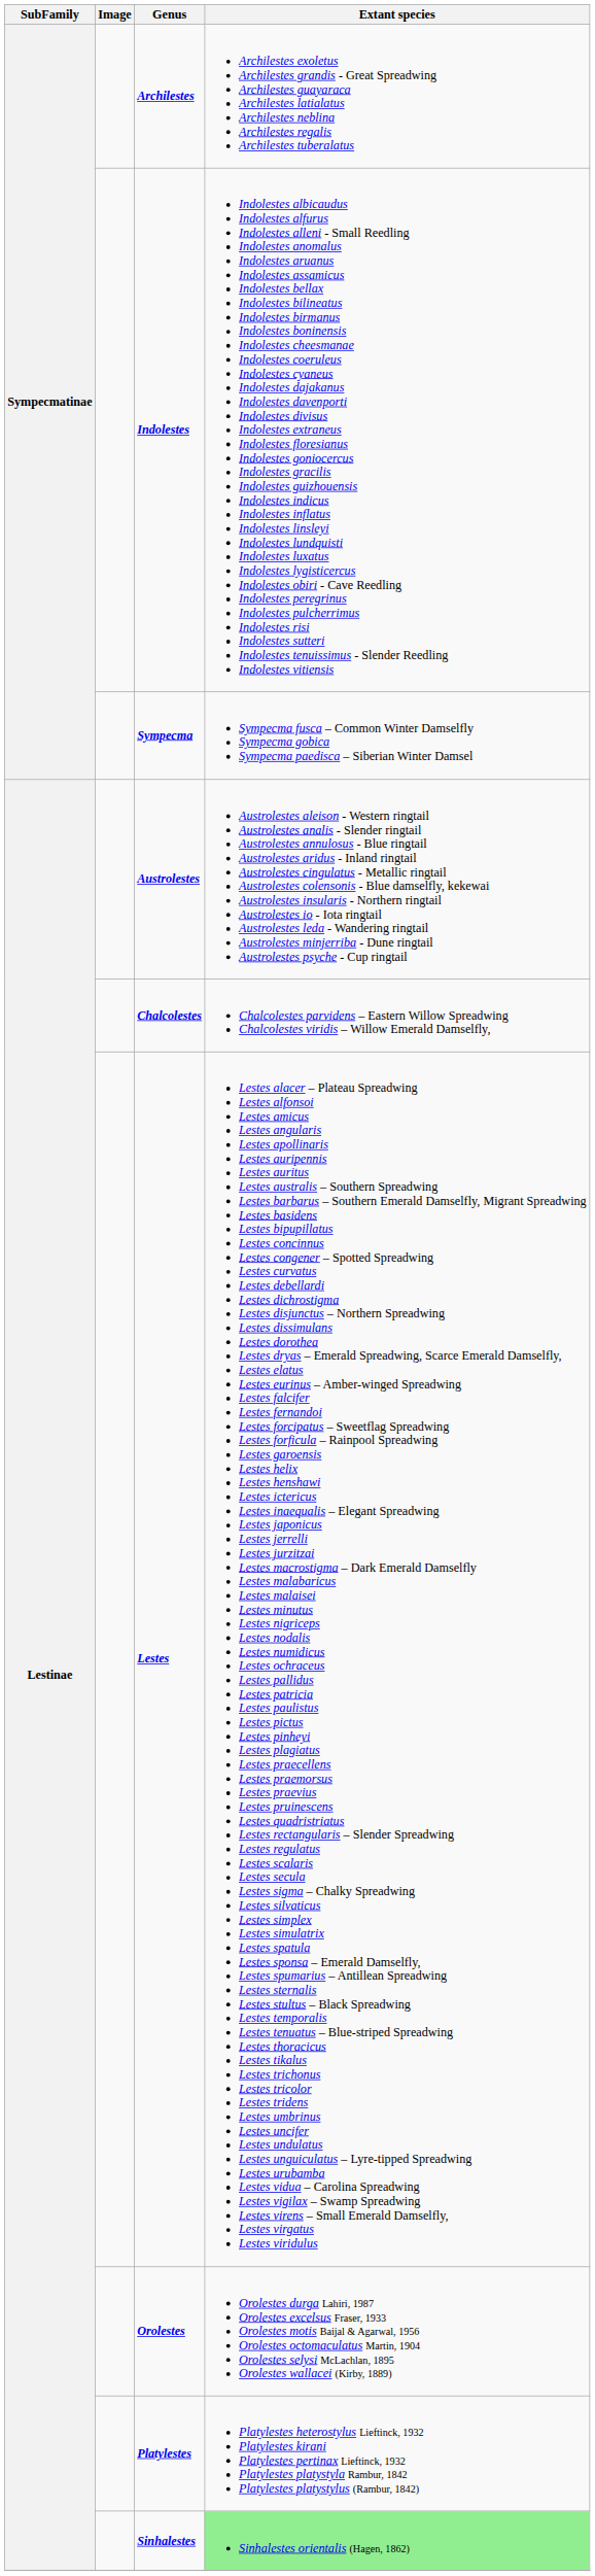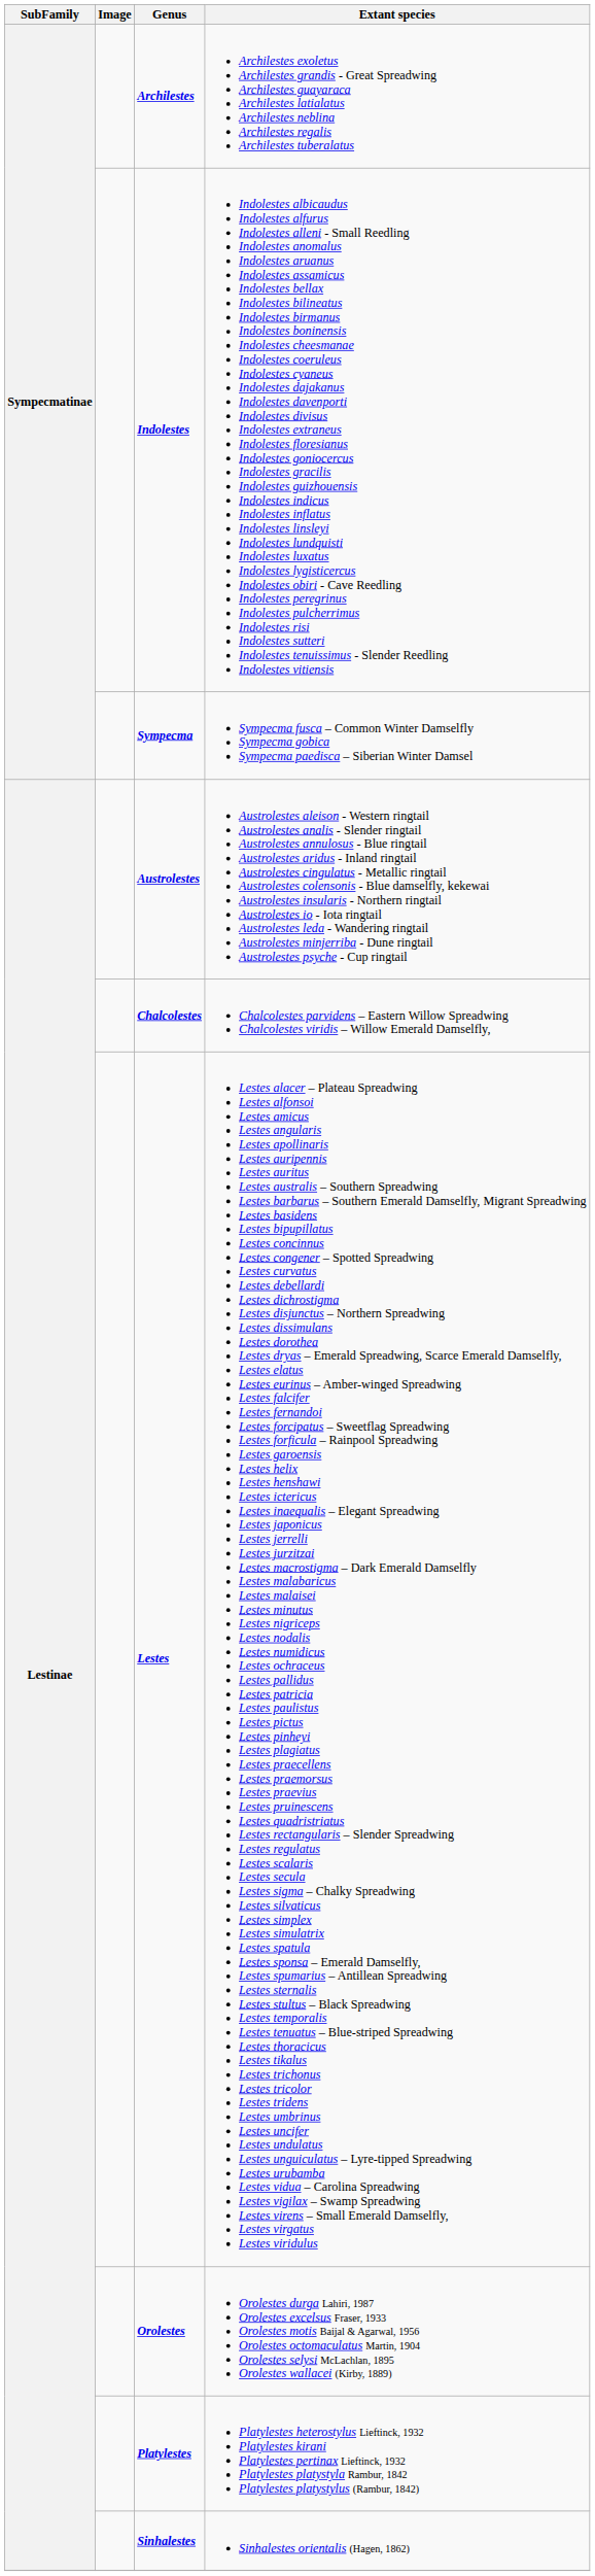 <table class="wikitable">
 <tr>
 <th>SubFamily</th>
 <th>Image</th>
 <th>Genus</th>
 <th>Extant species</th>
 </tr>
 <tr>
 <th rowspan="3">Sympecmatinae </th>
 <td></td>
 <td><strong><em><a href='#'>Archilestes</a></em></strong> </td>
 <td><br><ul><li><em><a href='#'>Archilestes exoletus</a></em> </li><li><em><a href='#'>Archilestes grandis</a></em>  - Great Spreadwing</li><li><em><a href='#'>Archilestes guayaraca</a></em> </li><li><em><a href='#'>Archilestes latialatus</a></em> </li><li><em><a href='#'>Archilestes neblina</a></em> </li><li><em><a href='#'>Archilestes regalis</a></em> </li><li><em><a href='#'>Archilestes tuberalatus</a></em> </li></ul></td>
 </tr>
 <tr>
 <td></td>
 <td><strong><em><a href='#'>Indolestes</a></em></strong> </td>
 <td><br><ul><li><em><a href='#'>Indolestes albicaudus</a></em> </li><li><em><a href='#'>Indolestes alfurus</a></em> </li><li><em><a href='#'>Indolestes alleni</a></em>  - Small Reedling</li><li><em><a href='#'>Indolestes anomalus</a></em> </li><li><em><a href='#'>Indolestes aruanus</a></em> </li><li><em><a href='#'>Indolestes assamicus</a></em> </li><li><em><a href='#'>Indolestes bellax</a></em> </li><li><em><a href='#'>Indolestes bilineatus</a></em> </li><li><em><a href='#'>Indolestes birmanus</a></em> </li><li><em><a href='#'>Indolestes boninensis</a></em> </li><li><em><a href='#'>Indolestes cheesmanae</a></em> </li><li><em><a href='#'>Indolestes coeruleus</a></em> </li><li><em><a href='#'>Indolestes cyaneus</a></em> </li><li><em><a href='#'>Indolestes dajakanus</a></em> </li><li><em><a href='#'>Indolestes davenporti</a></em> </li><li><em><a href='#'>Indolestes divisus</a></em> </li><li><em><a href='#'>Indolestes extraneus</a></em> </li><li><em><a href='#'>Indolestes floresianus</a></em> </li><li><em><a href='#'>Indolestes goniocercus</a></em> </li><li><em><a href='#'>Indolestes gracilis</a></em> </li><li><em><a href='#'>Indolestes guizhouensis</a></em> </li><li><em><a href='#'>Indolestes indicus</a></em> </li><li><em><a href='#'>Indolestes inflatus</a></em> </li><li><em><a href='#'>Indolestes linsleyi</a></em> </li><li><em><a href='#'>Indolestes lundquisti</a></em> </li><li><em><a href='#'>Indolestes luxatus</a></em> </li><li><em><a href='#'>Indolestes lygisticercus</a></em> </li><li><em><a href='#'>Indolestes obiri</a></em>  - Cave Reedling</li><li><em><a href='#'>Indolestes peregrinus</a></em> </li><li><em><a href='#'>Indolestes pulcherrimus</a></em> </li><li><em><a href='#'>Indolestes risi</a></em> </li><li><em><a href='#'>Indolestes sutteri</a></em> </li><li><em><a href='#'>Indolestes tenuissimus</a></em>  - Slender Reedling</li><li><em><a href='#'>Indolestes vitiensis</a></em> </li></ul></td>
 </tr>
 <tr>
 <td></td>
 <td><strong><em><a href='#'>Sympecma</a></em></strong> </td>
 <td><br><ul><li><em><a href='#'>Sympecma fusca</a></em>  – Common Winter Damselfly</li><li><em><a href='#'>Sympecma gobica</a></em> </li><li><em><a href='#'>Sympecma paedisca</a></em>  – Siberian Winter Damsel</li></ul></td>
 </tr>
 <tr>
 <th rowspan="6">Lestinae </th>
 <td></td>
 <td><strong><em><a href='#'>Austrolestes</a></em></strong> </td>
 <td><br><ul><li><em><a href='#'>Austrolestes aleison</a></em>  - Western ringtail</li><li><em><a href='#'>Austrolestes analis</a></em>  - Slender ringtail</li><li><em><a href='#'>Austrolestes annulosus</a></em>  - Blue ringtail</li><li><em><a href='#'>Austrolestes aridus</a></em>  - Inland ringtail</li><li><em><a href='#'>Austrolestes cingulatus</a></em>  - Metallic ringtail</li><li><em><a href='#'>Austrolestes colensonis</a></em>  - Blue damselfly, kekewai</li><li><em><a href='#'>Austrolestes insularis</a></em>  - Northern ringtail</li><li><em><a href='#'>Austrolestes io</a></em>  - Iota ringtail</li><li><em><a href='#'>Austrolestes leda</a></em>  - Wandering ringtail</li><li><em><a href='#'>Austrolestes minjerriba</a></em>  - Dune ringtail</li><li><em><a href='#'>Austrolestes psyche</a></em>  - Cup ringtail</li></ul></td>
 </tr>
 <tr>
 <td></td>
 <td><strong><em><a href='#'>Chalcolestes</a></em></strong> </td>
 <td><br><ul><li><em><a href='#'>Chalcolestes parvidens</a></em>  – Eastern Willow Spreadwing</li><li><em><a href='#'>Chalcolestes viridis</a></em>  – Willow Emerald Damselfly,</li></ul></td>
 </tr>
 <tr>
 <td></td>
 <td><strong><em><a href='#'>Lestes</a></em></strong> </td>
 <td><br><ul><li><em><a href='#'>Lestes alacer</a></em>  – Plateau Spreadwing</li><li><em><a href='#'>Lestes alfonsoi</a></em> </li><li><em><a href='#'>Lestes amicus</a></em> </li><li><em><a href='#'>Lestes angularis</a></em> </li><li><em><a href='#'>Lestes apollinaris</a></em> </li><li><em><a href='#'>Lestes auripennis</a></em> </li><li><em><a href='#'>Lestes auritus</a></em> </li><li><em><a href='#'>Lestes australis</a></em>  – Southern Spreadwing</li><li><em><a href='#'>Lestes barbarus</a></em>  – Southern Emerald Damselfly, Migrant Spreadwing</li><li><em><a href='#'>Lestes basidens</a></em> </li><li><em><a href='#'>Lestes bipupillatus</a></em> </li><li><em><a href='#'>Lestes concinnus</a></em> </li><li><em><a href='#'>Lestes congener</a></em>  – Spotted Spreadwing</li><li><em><a href='#'>Lestes curvatus</a></em> </li><li><em><a href='#'>Lestes debellardi</a></em> </li><li><em><a href='#'>Lestes dichrostigma</a></em> </li><li><em><a href='#'>Lestes disjunctus</a></em>  – Northern Spreadwing</li><li><em><a href='#'>Lestes dissimulans</a></em> </li><li><em><a href='#'>Lestes dorothea</a></em> </li><li><em><a href='#'>Lestes dryas</a></em>  – Emerald Spreadwing, Scarce Emerald Damselfly,</li><li><em><a href='#'>Lestes elatus</a></em> </li><li><em><a href='#'>Lestes eurinus</a></em>  – Amber-winged Spreadwing</li><li><em><a href='#'>Lestes falcifer</a></em> </li><li><em><a href='#'>Lestes fernandoi</a></em> </li><li><em><a href='#'>Lestes forcipatus</a></em>  – Sweetflag Spreadwing</li><li><em><a href='#'>Lestes forficula</a></em>  – Rainpool Spreadwing</li><li><em><a href='#'>Lestes garoensis</a></em> </li><li><em><a href='#'>Lestes helix</a></em> </li><li><em><a href='#'>Lestes henshawi</a></em> </li><li><em><a href='#'>Lestes ictericus</a></em> </li><li><em><a href='#'>Lestes inaequalis</a></em>  – Elegant Spreadwing</li><li><em><a href='#'>Lestes japonicus</a></em> </li><li><em><a href='#'>Lestes jerrelli</a></em> </li><li><em><a href='#'>Lestes jurzitzai</a></em> </li><li><em><a href='#'>Lestes macrostigma</a></em>  – Dark Emerald Damselfly</li><li><em><a href='#'>Lestes malabaricus</a></em> </li><li><em><a href='#'>Lestes malaisei</a></em> </li><li><em><a href='#'>Lestes minutus</a></em> </li><li><em><a href='#'>Lestes nigriceps</a></em> </li><li><em><a href='#'>Lestes nodalis</a></em> </li><li><em><a href='#'>Lestes numidicus</a></em> </li><li><em><a href='#'>Lestes ochraceus</a></em> </li><li><em><a href='#'>Lestes pallidus</a></em> </li><li><em><a href='#'>Lestes patricia</a></em> </li><li><em><a href='#'>Lestes paulistus</a></em> </li><li><em><a href='#'>Lestes pictus</a></em> </li><li><em><a href='#'>Lestes pinheyi</a></em> </li><li><em><a href='#'>Lestes plagiatus</a></em> </li><li><em><a href='#'>Lestes praecellens</a></em> </li><li><em><a href='#'>Lestes praemorsus</a></em> </li><li><em><a href='#'>Lestes praevius</a></em> </li><li><em><a href='#'>Lestes pruinescens</a></em> </li><li><em><a href='#'>Lestes quadristriatus</a></em> </li><li><em><a href='#'>Lestes rectangularis</a></em>  – Slender Spreadwing</li><li><em><a href='#'>Lestes regulatus</a></em> </li><li><em><a href='#'>Lestes scalaris</a></em> </li><li><em><a href='#'>Lestes secula</a></em> </li><li><em><a href='#'>Lestes sigma</a></em>  – Chalky Spreadwing</li><li><em><a href='#'>Lestes silvaticus</a></em> </li><li><em><a href='#'>Lestes simplex</a></em> </li><li><em><a href='#'>Lestes simulatrix</a></em> </li><li><em><a href='#'>Lestes spatula</a></em> </li><li><em><a href='#'>Lestes sponsa</a></em>  – Emerald Damselfly,</li><li><em><a href='#'>Lestes spumarius</a></em>  – Antillean Spreadwing</li><li><em><a href='#'>Lestes sternalis</a></em> </li><li><em><a href='#'>Lestes stultus</a></em>  – Black Spreadwing</li><li><em><a href='#'>Lestes temporalis</a></em> </li><li><em><a href='#'>Lestes tenuatus</a></em>  – Blue-striped Spreadwing</li><li><em><a href='#'>Lestes thoracicus</a></em> </li><li><em><a href='#'>Lestes tikalus</a></em> </li><li><em><a href='#'>Lestes trichonus</a></em> </li><li><em><a href='#'>Lestes tricolor</a></em> </li><li><em><a href='#'>Lestes tridens</a></em> </li><li><em><a href='#'>Lestes umbrinus</a></em> </li><li><em><a href='#'>Lestes uncifer</a></em> </li><li><em><a href='#'>Lestes undulatus</a></em> </li><li><em><a href='#'>Lestes unguiculatus</a></em>  – Lyre-tipped Spreadwing</li><li><em><a href='#'>Lestes urubamba</a></em> </li><li><em><a href='#'>Lestes vidua</a></em>  – Carolina Spreadwing</li><li><em><a href='#'>Lestes vigilax</a></em>  – Swamp Spreadwing</li><li><em><a href='#'>Lestes virens</a></em>  – Small Emerald Damselfly,</li><li><em><a href='#'>Lestes virgatus</a></em> </li><li><em><a href='#'>Lestes viridulus</a></em> </li></ul></td>
 </tr>
 <tr>
 <td></td>
 <td><strong><em><a href='#'>Orolestes</a></em></strong> </td>
 <td><br><ul><li><em><a href='#'>Orolestes durga</a></em> <small>Lahiri, 1987</small></li><li><em><a href='#'>Orolestes excelsus</a></em> <small>Fraser, 1933</small></li><li><em><a href='#'>Orolestes motis</a></em> <small>Baijal & Agarwal, 1956</small></li><li><em><a href='#'>Orolestes octomaculatus</a></em> <small>Martin, 1904</small></li><li><em><a href='#'>Orolestes selysi</a></em> <small>McLachlan, 1895</small></li><li><em><a href='#'>Orolestes wallacei</a></em> <small>(Kirby, 1889)</small></li></ul></td>
 </tr>
 <tr>
 <td></td>
 <td><strong><em><a href='#'>Platylestes</a></em></strong> </td>
 <td><br><ul><li><em><a href='#'>Platylestes heterostylus</a></em> <small>Lieftinck, 1932</small></li><li><em><a href='#'>Platylestes kirani</a></em> </li><li><em><a href='#'>Platylestes pertinax</a></em> <small>Lieftinck, 1932</small></li><li><em><a href='#'>Platylestes platystyla</a></em> <small>Rambur, 1842</small></li><li><em><a href='#'>Platylestes platystylus</a></em> <small>(Rambur, 1842)</small></li></ul></td>
 </tr>
 <tr>
 <td></td>
 <td><strong><em><a href='#'>Sinhalestes</a></em></strong> </td>
-<td style="background: lightgreen;"><br><ul><li><em><a href='#'>Sinhalestes orientalis</a></em> <small>(Hagen, 1862)</small></li></ul></td>
+<td><br><ul><li><em><a href='#'>Sinhalestes orientalis</a></em> <small>(Hagen, 1862)</small></li></ul></td>
 </tr>
 <tr>
 </tr>
 </table>
